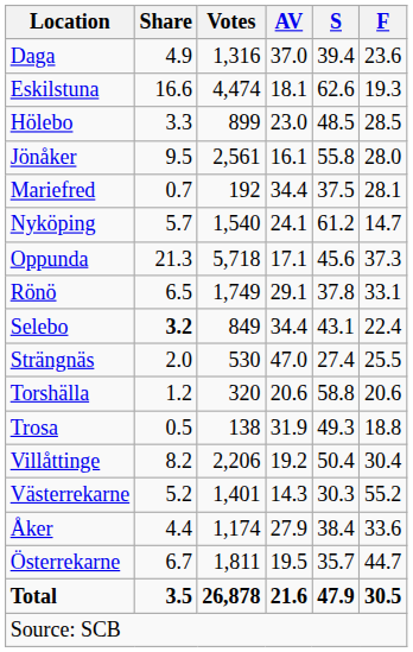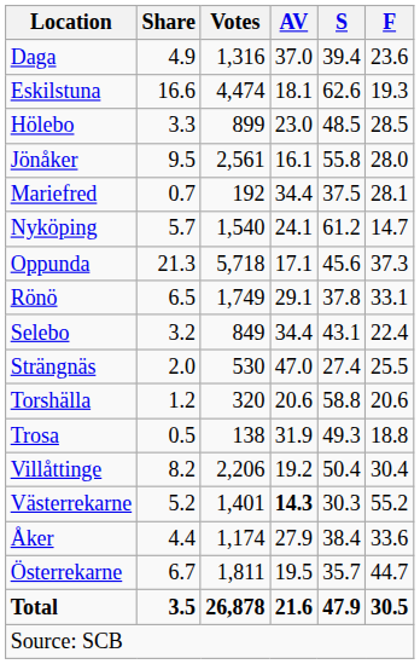 <table class="wikitable sortable" style=text-align:right>
 <tr>
 <th>Location</th>
 <th>Share</th>
 <th>Votes</th>
 <th><a href='#'>AV</a></th>
 <th><a href='#'>S</a></th>
 <th><a href='#'>F</a></th>
 </tr>
 <tr>
 <td align=left><a href='#'>Daga</a></td>
 <td>4.9</td>
 <td>1,316</td>
 <td>37.0</td>
 <td>39.4</td>
 <td>23.6</td>
 </tr>
 <tr>
 <td align=left><a href='#'>Eskilstuna</a></td>
 <td>16.6</td>
 <td>4,474</td>
 <td>18.1</td>
 <td>62.6</td>
 <td>19.3</td>
 </tr>
 <tr>
 <td align=left><a href='#'>Hölebo</a></td>
 <td>3.3</td>
 <td>899</td>
 <td>23.0</td>
 <td>48.5</td>
 <td>28.5</td>
 </tr>
 <tr>
 <td align=left><a href='#'>Jönåker</a></td>
 <td>9.5</td>
 <td>2,561</td>
 <td>16.1</td>
 <td>55.8</td>
 <td>28.0</td>
 </tr>
 <tr>
 <td align=left><a href='#'>Mariefred</a></td>
 <td>0.7</td>
 <td>192</td>
 <td>34.4</td>
 <td>37.5</td>
 <td>28.1</td>
 </tr>
 <tr>
 <td align=left><a href='#'>Nyköping</a></td>
 <td>5.7</td>
 <td>1,540</td>
 <td>24.1</td>
 <td>61.2</td>
 <td>14.7</td>
 </tr>
 <tr>
 <td align=left><a href='#'>Oppunda</a></td>
 <td>21.3</td>
 <td>5,718</td>
 <td>17.1</td>
 <td>45.6</td>
 <td>37.3</td>
 </tr>
 <tr>
 <td align=left><a href='#'>Rönö</a></td>
 <td>6.5</td>
 <td>1,749</td>
 <td>29.1</td>
 <td>37.8</td>
 <td>33.1</td>
 </tr>
 <tr>
 <td align=left><a href='#'>Selebo</a></td>
-<td><strong>3.2</strong></td>
+<td>3.2</td>
 <td>849</td>
 <td>34.4</td>
 <td>43.1</td>
 <td>22.4</td>
 </tr>
 <tr>
 <td align=left><a href='#'>Strängnäs</a></td>
 <td>2.0</td>
 <td>530</td>
 <td>47.0</td>
 <td>27.4</td>
 <td>25.5</td>
 </tr>
 <tr>
 <td align=left><a href='#'>Torshälla</a></td>
 <td>1.2</td>
 <td>320</td>
 <td>20.6</td>
 <td>58.8</td>
 <td>20.6</td>
 </tr>
 <tr>
 <td align=left><a href='#'>Trosa</a></td>
 <td>0.5</td>
 <td>138</td>
 <td>31.9</td>
 <td>49.3</td>
 <td>18.8</td>
 </tr>
 <tr>
 <td align=left><a href='#'>Villåttinge</a></td>
 <td>8.2</td>
 <td>2,206</td>
 <td>19.2</td>
 <td>50.4</td>
 <td>30.4</td>
 </tr>
 <tr>
 <td align=left><a href='#'>Västerrekarne</a></td>
 <td>5.2</td>
 <td>1,401</td>
-<td>14.3</td>
+<td><strong>14.3</strong></td>
 <td>30.3</td>
 <td>55.2</td>
 </tr>
 <tr>
 <td align=left><a href='#'>Åker</a></td>
 <td>4.4</td>
 <td>1,174</td>
 <td>27.9</td>
 <td>38.4</td>
 <td>33.6</td>
 </tr>
 <tr>
 <td align=left><a href='#'>Österrekarne</a></td>
 <td>6.7</td>
 <td>1,811</td>
 <td>19.5</td>
 <td>35.7</td>
 <td>44.7</td>
 </tr>
 <tr>
 <td align=left><strong>Total</strong></td>
 <td><strong>3.5</strong></td>
 <td><strong>26,878</strong></td>
 <td><strong>21.6</strong></td>
 <td><strong>47.9</strong></td>
 <td><strong>30.5</strong></td>
 </tr>
 <tr>
 <td align=left colspan=6>Source: SCB </td>
 </tr>
 </table>
